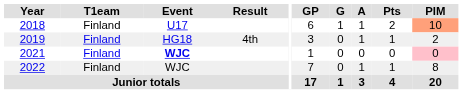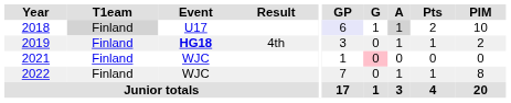 <table border="0" cellpadding="1" cellspacing="0" ID="Table3" style="text-align:center; width:40em">
 <tr ALIGN="center" bgcolor="#e0e0e0">
 <th>Year</th>
 <th>T1eam</th>
 <th>Event</th>
 <th>Result</th>
 <th rowspan="99" bgcolor="#ffffff"></th>
 <th>GP</th>
 <th>G</th>
 <th>A</th>
 <th>Pts</th>
 <th>PIM</th>
 </tr>
 <tr>
 <td><a href='#'>2018</a></td>
-<td>Finland</td>
+<td style="background: lightgrey;">Finland</td>
 <td><a href='#'>U17</a></td>
 <td></td>
-<td>6</td>
+<td style="background: lavender;">6</td>
 <td>1</td>
-<td>1</td>
+<td style="background: lightgrey;">1</td>
 <td>2</td>
-<td style="background: lightsalmon;">10</td>
+<td>10</td>
 </tr>
 <tr bgcolor="#f0f0f0">
 <td><a href='#'>2019</a></td>
 <td><a href='#'>Finland</a></td>
-<td><a href='#'>HG18</a></td>
+<td><strong><a href='#'>HG18</a></strong></td>
 <td>4th</td>
 <td>3</td>
 <td>0</td>
 <td>1</td>
 <td>1</td>
 <td>2</td>
 </tr>
 <tr>
 <td><a href='#'>2021</a></td>
 <td><a href='#'>Finland</a></td>
-<td><strong><a href='#'>WJC</a></strong></td>
+<td><a href='#'>WJC</a></td>
 <td></td>
 <td>1</td>
+<td style="background: pink;">0</td>
 <td>0</td>
 <td>0</td>
 <td>0</td>
-<td style="background: pink;">0</td>
 </tr>
 <tr bgcolor="#f0f0f0">
 <td><a href='#'>2022</a></td>
 <td>Finland</td>
 <td>WJC</td>
 <td></td>
 <td>7</td>
 <td>0</td>
 <td>1</td>
 <td>1</td>
 <td>8</td>
 </tr>
 <tr ALIGN="center" bgcolor="#e0e0e0">
 <th colspan=4>Junior totals</th>
 <th>17</th>
 <th>1</th>
 <th>3</th>
 <th>4</th>
 <th>20</th>
 </tr>
 </table>
